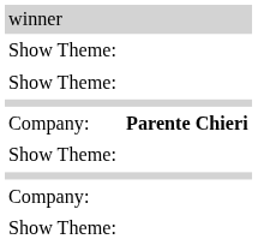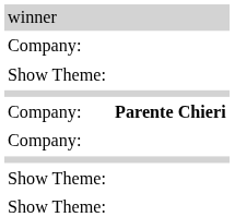 <table border="0" cellpadding="3">
 <tr>
 <td colspan="2" style="background:lightgrey;">winner </td>
 </tr>
 <tr>
-<td>Show Theme:</td>
+<td>Company:</td>
 <td></td>
 </tr>
 <tr>
 <td>Show Theme:</td>
 <td></td>
 </tr>
 <tr>
 <td colspan="2" style="background:lightgrey;"></td>
 </tr>
 <tr>
 <td>Company:</td>
 <td><strong>Parente Chieri</strong></td>
 </tr>
 <tr>
-<td>Show Theme:</td>
+<td>Company:</td>
 <td></td>
 </tr>
 <tr>
 <td colspan="2" style="background:lightgrey;"></td>
 </tr>
 <tr>
-<td>Company:</td>
+<td>Show Theme:</td>
 <td></td>
 </tr>
 <tr>
 <td>Show Theme:</td>
 <td></td>
 </tr>
 </table>
